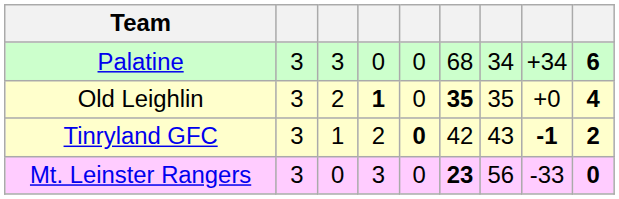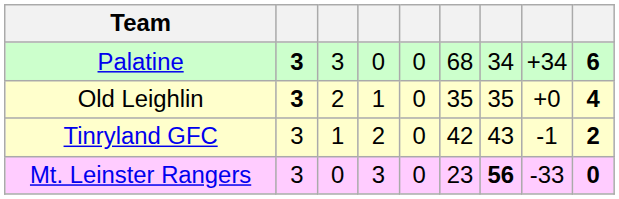 <table class="wikitable" style="text-align:center">
 <tr>
 <th style="width:175px;">Team</th>
 <th width="20"></th>
 <th width="20"></th>
 <th width="20"></th>
 <th width="20"></th>
 <th width="20"></th>
 <th width="20"></th>
 <th width="20"></th>
 <th width="20"></th>
 </tr>
 <tr style="background:#cfc;">
 <td><a href='#'>Palatine</a></td>
-<td>3</td>
+<td><strong>3</strong></td>
 <td>3</td>
 <td>0</td>
 <td>0</td>
 <td>68</td>
 <td>34</td>
 <td>+34</td>
 <td><strong>6</strong></td>
 </tr>
 <tr style="background:#ffc;">
 <td>Old Leighlin</td>
-<td>3</td>
+<td><strong>3</strong></td>
 <td>2</td>
-<td><strong>1</strong></td>
+<td>1</td>
 <td>0</td>
-<td><strong>35</strong></td>
+<td>35</td>
 <td>35</td>
 <td>+0</td>
 <td><strong>4</strong></td>
 </tr>
 <tr style="background:#ffc;">
 <td><a href='#'>Tinryland GFC</a></td>
 <td>3</td>
 <td>1</td>
 <td>2</td>
-<td><strong>0</strong></td>
+<td>0</td>
 <td>42</td>
 <td>43</td>
-<td><strong>-1</strong></td>
+<td>-1</td>
 <td><strong>2</strong></td>
 </tr>
 <tr style="background:#fcf;">
 <td><a href='#'>Mt. Leinster Rangers</a></td>
 <td>3</td>
 <td>0</td>
 <td>3</td>
 <td>0</td>
-<td><strong>23</strong></td>
-<td>56</td>
+<td>23</td>
+<td><strong>56</strong></td>
 <td>-33</td>
 <td><strong>0</strong></td>
 </tr>
 </table>
